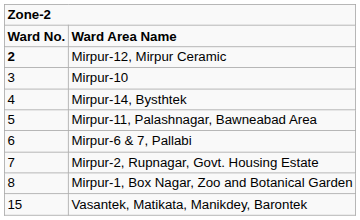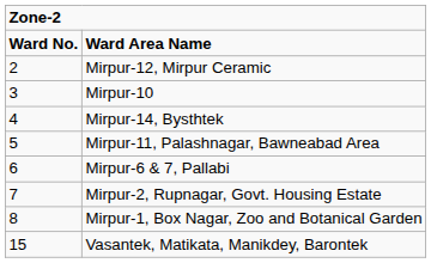 <table class="wikitable">
 <tr>
 <td colspan="2"><strong>Zone-2</strong></td>
 </tr>
 <tr>
 <td><strong>Ward No.</strong></td>
 <td><strong>Ward Area Name</strong></td>
 </tr>
 <tr>
-<td><strong>2</strong></td>
+<td>2</td>
 <td>Mirpur-12,  Mirpur Ceramic</td>
 </tr>
 <tr>
 <td>3</td>
 <td>Mirpur-10</td>
 </tr>
 <tr>
 <td>4</td>
 <td>Mirpur-14,  Bysthtek</td>
 </tr>
 <tr>
 <td>5</td>
 <td>Mirpur-11, Palashnagar, Bawneabad Area</td>
 </tr>
 <tr>
 <td>6</td>
 <td>Mirpur-6  & 7, Pallabi</td>
 </tr>
 <tr>
 <td>7</td>
 <td>Mirpur-2,  Rupnagar, Govt. Housing Estate</td>
 </tr>
 <tr>
 <td>8</td>
 <td>Mirpur-1, Box  Nagar, Zoo and Botanical Garden</td>
 </tr>
 <tr>
 <td>15</td>
 <td>Vasantek,  Matikata, Manikdey, Barontek</td>
 </tr>
 </table>
